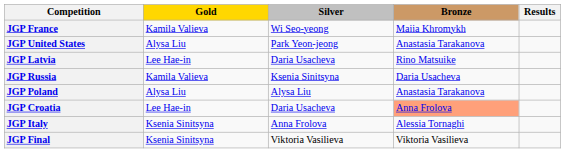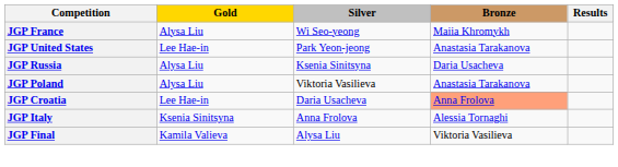 <table class="wikitable unsortable" style="text-align:left; width:100%">
 <tr>
 <th scope="col" style="text-align:center; width:25%;">Competition</th>
 <td scope="col" style="text-align:center; width:22.5%; background:gold"><strong>Gold</strong></td>
 <td scope="col" style="text-align:center; width:22.5%; background:silver"><strong>Silver</strong></td>
 <td scope="col" style="text-align:center; width:22.5%; background:#c96"><strong>Bronze</strong></td>
 <th scope="col" style="text-align:center; width:7.5%;">Results</th>
 </tr>
 <tr>
 <th scope="row" style="text-align:left"> <a href='#'>JGP France</a></th>
-<td> <a href='#'>Kamila Valieva</a></td>
+<td> <a href='#'>Alysa Liu</a></td>
 <td> <a href='#'>Wi Seo-yeong</a></td>
 <td> <a href='#'>Maiia Khromykh</a></td>
 <td></td>
 </tr>
 <tr>
 <th scope="row" style="text-align:left"> <a href='#'>JGP United States</a></th>
-<td> <a href='#'>Alysa Liu</a></td>
+<td> <a href='#'>Lee Hae-in</a></td>
 <td> <a href='#'>Park Yeon-jeong</a></td>
 <td> <a href='#'>Anastasia Tarakanova</a></td>
 <td></td>
 </tr>
 <tr>
-<th scope="row" style="text-align:left"> <a href='#'>JGP Latvia</a></th>
-<td> <a href='#'>Lee Hae-in</a></td>
-<td> <a href='#'>Daria Usacheva</a></td>
-<td> <a href='#'>Rino Matsuike</a></td>
-<td></td>
-</tr>
-<tr>
 <th scope="row" style="text-align:left"> <a href='#'>JGP Russia</a></th>
-<td> <a href='#'>Kamila Valieva</a></td>
+<td> <a href='#'>Alysa Liu</a></td>
 <td> <a href='#'>Ksenia Sinitsyna</a></td>
 <td> <a href='#'>Daria Usacheva</a></td>
 <td></td>
 </tr>
 <tr>
 <th scope="row" style="text-align:left"> <a href='#'>JGP Poland</a></th>
 <td> <a href='#'>Alysa Liu</a></td>
-<td> <a href='#'>Alysa Liu</a></td>
+<td> Viktoria Vasilieva</td>
 <td> <a href='#'>Anastasia Tarakanova</a></td>
 <td></td>
 </tr>
 <tr>
 <th scope="row" style="text-align:left"> <a href='#'>JGP Croatia</a></th>
 <td> <a href='#'>Lee Hae-in</a></td>
 <td> <a href='#'>Daria Usacheva</a></td>
 <td style="background: lightsalmon;"> <a href='#'>Anna Frolova</a></td>
 <td></td>
 </tr>
 <tr>
 <th scope="row" style="text-align:left"> <a href='#'>JGP Italy</a></th>
 <td> <a href='#'>Ksenia Sinitsyna</a></td>
 <td> <a href='#'>Anna Frolova</a></td>
 <td> <a href='#'>Alessia Tornaghi</a></td>
 <td></td>
 </tr>
 <tr>
 <th scope="row" style="text-align:left"> <a href='#'>JGP Final</a></th>
-<td> <a href='#'>Ksenia Sinitsyna</a></td>
-<td> Viktoria Vasilieva</td>
+<td> <a href='#'>Kamila Valieva</a></td>
+<td> <a href='#'>Alysa Liu</a></td>
 <td> Viktoria Vasilieva</td>
 <td></td>
 </tr>
 </table>
